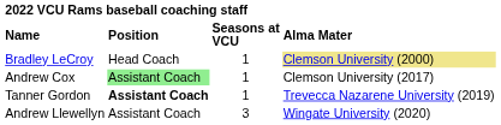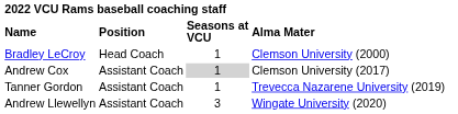 <table class="toccolours" style="text-align: left; font-size:90%;">
 <tr>
 <th colspan="4">2022 VCU Rams baseball coaching staff</th>
 </tr>
 <tr>
 <th>Name</th>
 <th>Position</th>
 <th>Seasons at<br>VCU</th>
 <th>Alma Mater</th>
 </tr>
 <tr>
 <td><a href='#'>Bradley LeCroy</a></td>
 <td>Head Coach</td>
 <td align=center>1</td>
-<td style="background: khaki;"><a href='#'>Clemson University</a> (2000)</td>
+<td><a href='#'>Clemson University</a> (2000)</td>
 </tr>
 <tr>
 <td>Andrew Cox</td>
-<td style="background: lightgreen;">Assistant Coach</td>
-<td align=center>1</td>
+<td>Assistant Coach</td>
+<td align=center style="background: lightgrey;">1</td>
 <td>Clemson University (2017)</td>
 </tr>
 <tr>
 <td>Tanner Gordon</td>
-<td><strong>Assistant Coach</strong></td>
+<td>Assistant Coach</td>
 <td align=center>1</td>
 <td><a href='#'>Trevecca Nazarene University</a> (2019)</td>
 </tr>
 <tr>
 <td>Andrew Llewellyn</td>
 <td>Assistant Coach</td>
 <td align=center>3</td>
 <td><a href='#'>Wingate University</a> (2020)</td>
 </tr>
 </table>
